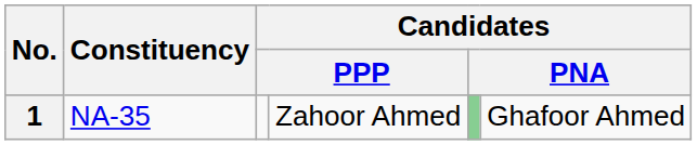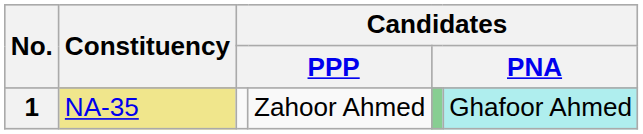 <table class="wikitable sortable">
 <tr>
 <th rowspan="2">No.</th>
 <th rowspan="2">Constituency</th>
 <th colspan="4">Candidates</th>
 </tr>
 <tr>
 <th colspan="2"><a href='#'>PPP</a></th>
 <th colspan="2"><a href='#'>PNA</a></th>
 </tr>
 <tr>
 <th>1</th>
-<td><a href='#'>NA-35</a></td>
+<td style="background: khaki;"><a href='#'>NA-35</a></td>
 <td style="color:inherit;background:"></td>
 <td>Zahoor Ahmed</td>
 <td style="background-color: #87ce92"></td>
-<td>Ghafoor Ahmed</td>
+<td style="background: paleturquoise;">Ghafoor Ahmed</td>
 </tr>
 </table>
